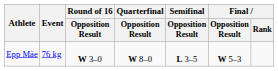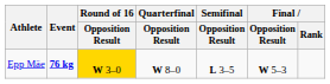 <table class="wikitable" style="font-size:90%">
 <tr>
 <th rowspan="2">Athlete</th>
 <th rowspan="2">Event</th>
 <th>Round of 16</th>
 <th>Quarterfinal</th>
 <th>Semifinal</th>
 <th colspan=2>Final / </th>
 </tr>
 <tr style="font-size: 95%">
 <th>Opposition<br>Result</th>
 <th>Opposition<br>Result</th>
 <th>Opposition<br>Result</th>
 <th>Opposition<br>Result</th>
 <th>Rank</th>
 </tr>
 <tr align=center>
 <td align=left><a href='#'>Epp Mäe</a></td>
-<td align=left><a href='#'>76 kg</a></td>
-<td><br><strong>W</strong> 3–0 </td>
+<td align=left><strong><a href='#'>76 kg</a></strong></td>
+<td style="background: gold;"><br><strong>W</strong> 3–0 </td>
 <td><br><strong>W</strong> 8–0 </td>
 <td><br><strong>L</strong> 3–5 </td>
 <td><br><strong>W</strong> 5–3 </td>
 <td></td>
 </tr>
 </table>
